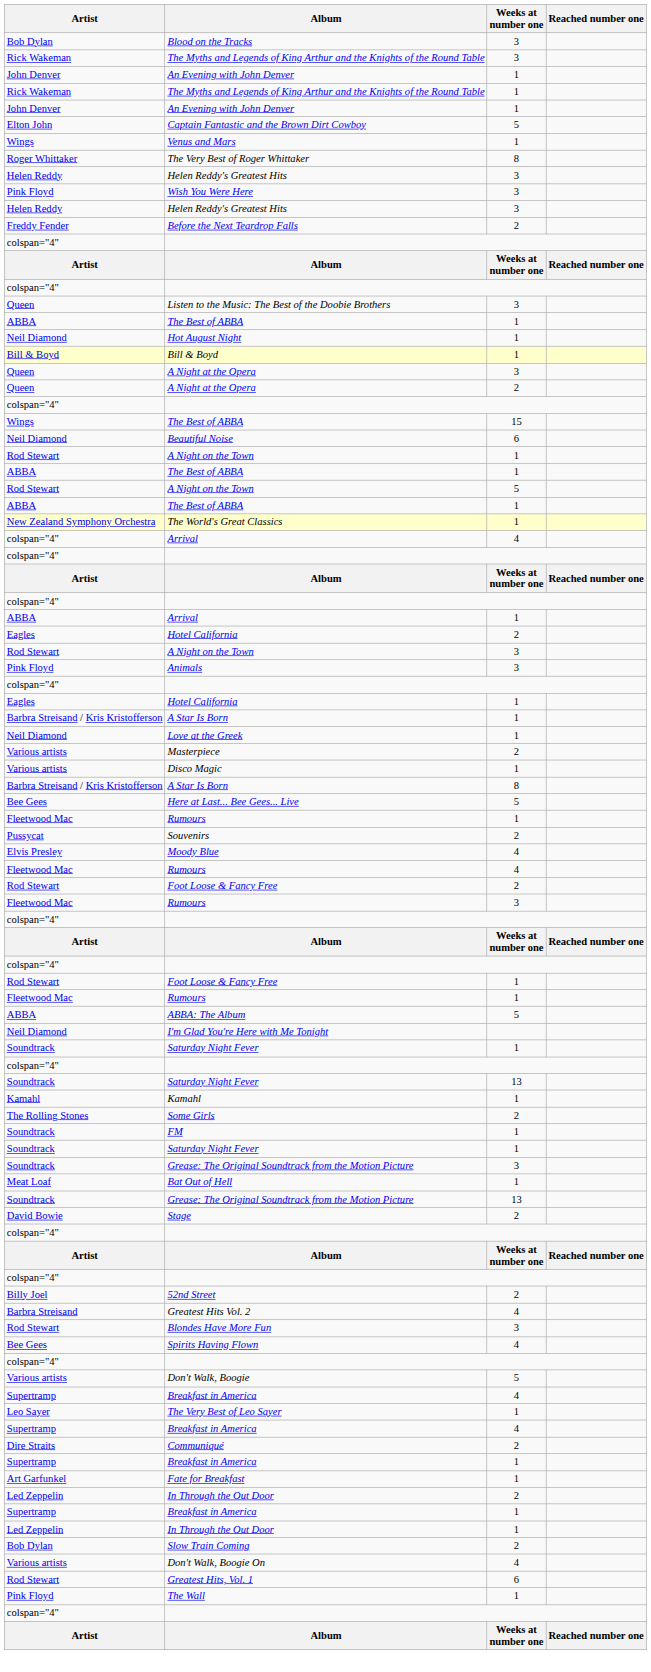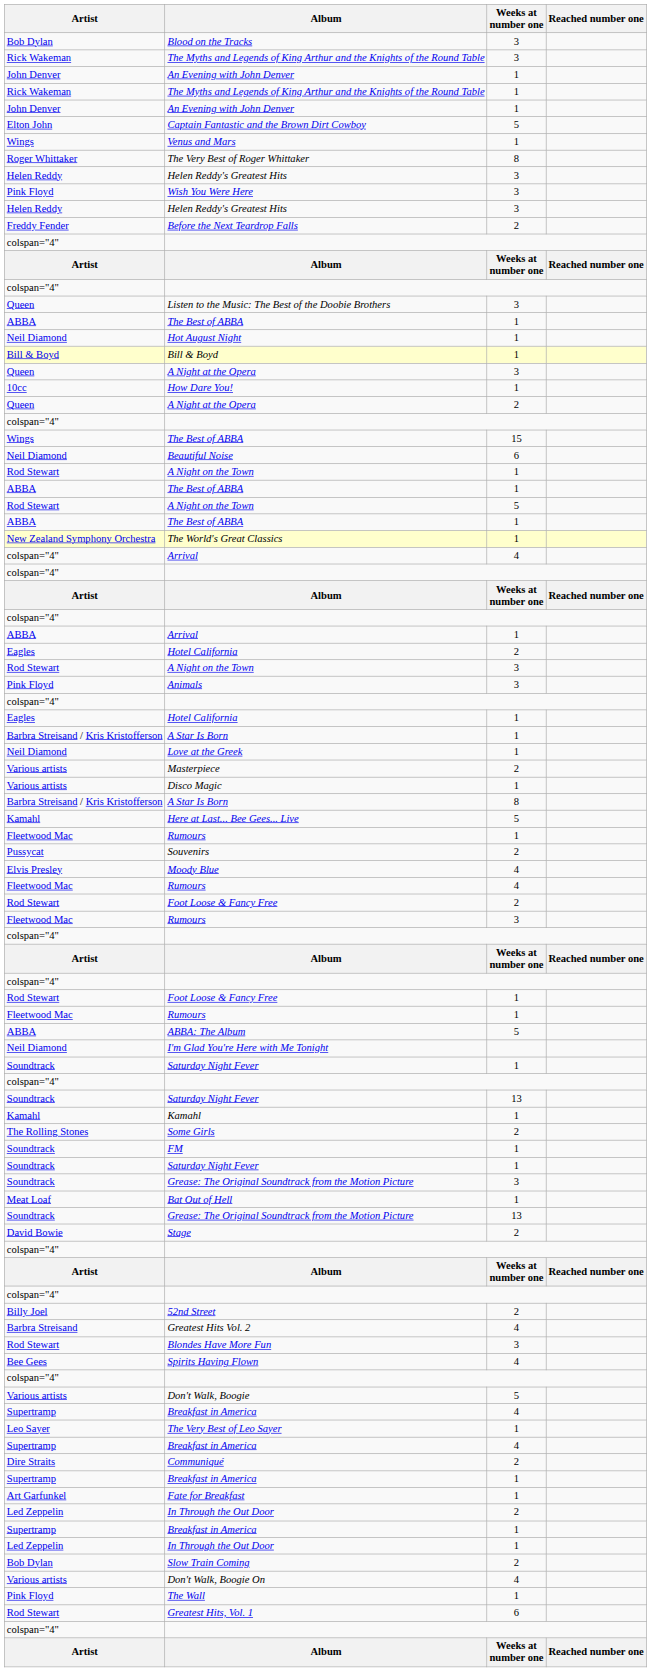 <table class="wikitable plainrowheaders sortable">
 <tr>
 <th scope=col>Artist</th>
 <th scope=col>Album</th>
 <th scope=col>Weeks at<br>number one</th>
 <th scope=col>Reached number one</th>
 </tr>
 <tr>
 <td><a href='#'>Bob Dylan</a></td>
 <td><em><a href='#'>Blood on the Tracks</a></em></td>
 <td align=center>3</td>
 <td></td>
 </tr>
 <tr>
 <td><a href='#'>Rick Wakeman</a></td>
 <td><em><a href='#'>The Myths and Legends of King Arthur and the Knights of the Round Table</a></em></td>
 <td align=center>3</td>
 <td></td>
 </tr>
 <tr>
 <td><a href='#'>John Denver</a></td>
 <td><em><a href='#'>An Evening with John Denver</a></em></td>
 <td align=center>1</td>
 <td></td>
 </tr>
 <tr>
 <td><a href='#'>Rick Wakeman</a></td>
 <td><em><a href='#'>The Myths and Legends of King Arthur and the Knights of the Round Table</a></em></td>
 <td align=center>1</td>
 <td></td>
 </tr>
 <tr>
 <td><a href='#'>John Denver</a></td>
 <td><em><a href='#'>An Evening with John Denver</a></em></td>
 <td align=center>1</td>
 <td></td>
 </tr>
 <tr>
 <td><a href='#'>Elton John</a></td>
 <td><em><a href='#'>Captain Fantastic and the Brown Dirt Cowboy</a></em></td>
 <td align=center>5</td>
 <td></td>
 </tr>
 <tr>
 <td><a href='#'>Wings</a></td>
 <td><em><a href='#'>Venus and Mars</a></em></td>
 <td align=center>1</td>
 <td></td>
 </tr>
 <tr>
 <td><a href='#'>Roger Whittaker</a></td>
 <td><em>The Very Best of Roger Whittaker</em></td>
 <td align=center>8</td>
 <td></td>
 </tr>
 <tr>
 <td><a href='#'>Helen Reddy</a></td>
 <td><em>Helen Reddy's Greatest Hits</em></td>
 <td align=center>3</td>
 <td></td>
 </tr>
 <tr>
 <td><a href='#'>Pink Floyd</a></td>
 <td><em><a href='#'>Wish You Were Here</a></em></td>
 <td align=center>3</td>
 <td></td>
 </tr>
 <tr>
 <td><a href='#'>Helen Reddy</a></td>
 <td><em>Helen Reddy's Greatest Hits</em></td>
 <td align=center>3</td>
 <td></td>
 </tr>
 <tr>
 <td><a href='#'>Freddy Fender</a></td>
 <td><em><a href='#'>Before the Next Teardrop Falls</a></em></td>
 <td align=center>2</td>
 <td></td>
 </tr>
 <tr>
 <td>colspan="4" </td>
 </tr>
 <tr>
 <th scope=col>Artist</th>
 <th scope=col>Album</th>
 <th scope=col>Weeks at<br>number one</th>
 <th scope=col>Reached number one</th>
 </tr>
 <tr>
 <td>colspan="4" </td>
 </tr>
 <tr>
 <td><a href='#'>Queen</a></td>
 <td><em>Listen to the Music: The Best of the Doobie Brothers</em></td>
 <td align=center>3</td>
 <td></td>
 </tr>
 <tr>
 <td><a href='#'>ABBA</a></td>
 <td><em><a href='#'>The Best of ABBA</a></em></td>
 <td align=center>1</td>
 <td></td>
 </tr>
 <tr>
 <td><a href='#'>Neil Diamond</a></td>
 <td><em><a href='#'>Hot August Night</a></em></td>
 <td align=center>1</td>
 <td></td>
 </tr>
 <tr bgcolor="#FFFFCC">
 <td><a href='#'>Bill & Boyd</a></td>
 <td><em>Bill & Boyd</em></td>
 <td align=center>1</td>
 <td></td>
 </tr>
 <tr>
 <td><a href='#'>Queen</a></td>
 <td><em><a href='#'>A Night at the Opera</a></em></td>
 <td align=center>3</td>
+<td></td>
+</tr>
+<tr>
+<td><a href='#'>10cc</a></td>
+<td><em><a href='#'>How Dare You!</a></em></td>
+<td align=center>1</td>
 <td></td>
 </tr>
 <tr>
 <td><a href='#'>Queen</a></td>
 <td><em><a href='#'>A Night at the Opera</a></em></td>
 <td align=center>2</td>
 <td></td>
 </tr>
 <tr>
 <td>colspan="4" </td>
 </tr>
 <tr>
 <td><a href='#'>Wings</a></td>
 <td><em><a href='#'>The Best of ABBA</a></em></td>
 <td align=center>15</td>
 <td></td>
 </tr>
 <tr>
 <td><a href='#'>Neil Diamond</a></td>
 <td><em><a href='#'>Beautiful Noise</a></em></td>
 <td align=center>6</td>
 <td></td>
 </tr>
 <tr>
 <td><a href='#'>Rod Stewart</a></td>
 <td><em><a href='#'>A Night on the Town</a></em></td>
 <td align=center>1</td>
 <td></td>
 </tr>
 <tr>
 <td><a href='#'>ABBA</a></td>
 <td><em><a href='#'>The Best of ABBA</a></em></td>
 <td align=center>1</td>
 <td></td>
 </tr>
 <tr>
 <td><a href='#'>Rod Stewart</a></td>
 <td><em><a href='#'>A Night on the Town</a></em></td>
 <td align=center>5</td>
 <td></td>
 </tr>
 <tr>
 <td><a href='#'>ABBA</a></td>
 <td><em><a href='#'>The Best of ABBA</a></em></td>
 <td align=center>1</td>
 <td></td>
 </tr>
 <tr bgcolor="#FFFFCC">
 <td><a href='#'>New Zealand Symphony Orchestra</a></td>
 <td><em>The World's Great Classics</em></td>
 <td align=center>1</td>
 <td></td>
 </tr>
 <tr>
 <td>colspan="4" </td>
 <td><em><a href='#'>Arrival</a></em></td>
 <td align=center>4</td>
 <td></td>
 </tr>
 <tr>
 <td>colspan="4" </td>
 </tr>
 <tr>
 <th scope=col>Artist</th>
 <th scope=col>Album</th>
 <th scope=col>Weeks at<br>number one</th>
 <th scope=col>Reached number one</th>
 </tr>
 <tr>
 <td>colspan="4" </td>
 </tr>
 <tr>
 <td><a href='#'>ABBA</a></td>
 <td><em><a href='#'>Arrival</a></em></td>
 <td align=center>1</td>
 <td></td>
 </tr>
 <tr>
 <td><a href='#'>Eagles</a></td>
 <td><em><a href='#'>Hotel California</a></em></td>
 <td align=center>2</td>
 <td></td>
 </tr>
 <tr>
 <td><a href='#'>Rod Stewart</a></td>
 <td><em><a href='#'>A Night on the Town</a></em></td>
 <td align=center>3</td>
 <td></td>
 </tr>
 <tr>
 <td><a href='#'>Pink Floyd</a></td>
 <td><em><a href='#'>Animals</a></em></td>
 <td align=center>3</td>
 <td></td>
 </tr>
 <tr>
 <td>colspan="4" </td>
 </tr>
 <tr>
 <td><a href='#'>Eagles</a></td>
 <td><em><a href='#'>Hotel California</a></em></td>
 <td align=center>1</td>
 <td></td>
 </tr>
 <tr>
 <td><a href='#'>Barbra Streisand</a> / <a href='#'>Kris Kristofferson</a></td>
 <td><em><a href='#'>A Star Is Born</a></em></td>
 <td align=center>1</td>
 <td></td>
 </tr>
 <tr>
 <td><a href='#'>Neil Diamond</a></td>
 <td><em><a href='#'>Love at the Greek</a></em></td>
 <td align=center>1</td>
 <td></td>
 </tr>
 <tr>
 <td><a href='#'>Various artists</a></td>
 <td><em>Masterpiece</em></td>
 <td align=center>2</td>
 <td></td>
 </tr>
 <tr>
 <td><a href='#'>Various artists</a></td>
 <td><em>Disco Magic</em></td>
 <td align=center>1</td>
 <td></td>
 </tr>
 <tr>
 <td><a href='#'>Barbra Streisand</a> / <a href='#'>Kris Kristofferson</a></td>
 <td><em><a href='#'>A Star Is Born</a></em></td>
 <td align=center>8</td>
 <td></td>
 </tr>
 <tr>
-<td><a href='#'>Bee Gees</a></td>
+<td><a href='#'>Kamahl</a></td>
 <td><em><a href='#'>Here at Last... Bee Gees... Live</a></em></td>
 <td align=center>5</td>
 <td></td>
 </tr>
 <tr>
 <td><a href='#'>Fleetwood Mac</a></td>
 <td><em><a href='#'>Rumours</a></em></td>
 <td align=center>1</td>
 <td></td>
 </tr>
 <tr>
 <td><a href='#'>Pussycat</a></td>
 <td><em>Souvenirs</em></td>
 <td align=center>2</td>
 <td></td>
 </tr>
 <tr>
 <td><a href='#'>Elvis Presley</a></td>
 <td><em><a href='#'>Moody Blue</a></em></td>
 <td align=center>4</td>
 <td></td>
 </tr>
 <tr>
 <td><a href='#'>Fleetwood Mac</a></td>
 <td><em><a href='#'>Rumours</a></em></td>
 <td align=center>4</td>
 <td></td>
 </tr>
 <tr>
 <td><a href='#'>Rod Stewart</a></td>
 <td><em><a href='#'>Foot Loose & Fancy Free</a></em></td>
 <td align=center>2</td>
 <td></td>
 </tr>
 <tr>
 <td><a href='#'>Fleetwood Mac</a></td>
 <td><em><a href='#'>Rumours</a></em></td>
 <td align=center>3</td>
 <td></td>
 </tr>
 <tr>
 <td>colspan="4" </td>
 </tr>
 <tr>
 <th scope=col>Artist</th>
 <th scope=col>Album</th>
 <th scope=col>Weeks at<br>number one</th>
 <th scope=col>Reached number one</th>
 </tr>
 <tr>
 <td>colspan="4" </td>
 </tr>
 <tr>
 <td><a href='#'>Rod Stewart</a></td>
 <td><em><a href='#'>Foot Loose & Fancy Free</a></em></td>
 <td align=center>1</td>
 <td></td>
 </tr>
 <tr>
 <td><a href='#'>Fleetwood Mac</a></td>
 <td><em><a href='#'>Rumours</a></em></td>
 <td align=center>1</td>
 <td></td>
 </tr>
 <tr>
 <td><a href='#'>ABBA</a></td>
 <td><em><a href='#'>ABBA: The Album</a></em></td>
 <td align=center>5</td>
 <td></td>
 </tr>
 <tr>
 <td><a href='#'>Neil Diamond</a></td>
 <td><em><a href='#'>I'm Glad You're Here with Me Tonight</a></em></td>
 <td align=center></td>
 <td></td>
 </tr>
 <tr>
 <td><a href='#'>Soundtrack</a></td>
 <td><em><a href='#'>Saturday Night Fever</a></em></td>
 <td align=center>1</td>
 <td></td>
 </tr>
 <tr>
 <td>colspan="4" </td>
 </tr>
 <tr>
 <td><a href='#'>Soundtrack</a></td>
 <td><em><a href='#'>Saturday Night Fever</a></em></td>
 <td align=center>13</td>
 <td></td>
 </tr>
 <tr>
 <td><a href='#'>Kamahl</a></td>
 <td><em>Kamahl</em></td>
 <td align=center>1</td>
 <td></td>
 </tr>
 <tr>
 <td><a href='#'>The Rolling Stones</a></td>
 <td><em><a href='#'>Some Girls</a></em></td>
 <td align=center>2</td>
 <td></td>
 </tr>
 <tr>
 <td><a href='#'>Soundtrack</a></td>
 <td><em><a href='#'>FM</a></em></td>
 <td align=center>1</td>
 <td></td>
 </tr>
 <tr>
 <td><a href='#'>Soundtrack</a></td>
 <td><em><a href='#'>Saturday Night Fever</a></em></td>
 <td align=center>1</td>
 <td></td>
 </tr>
 <tr>
 <td><a href='#'>Soundtrack</a></td>
 <td><em><a href='#'>Grease: The Original Soundtrack from the Motion Picture</a></em></td>
 <td align=center>3</td>
 <td></td>
 </tr>
 <tr>
 <td><a href='#'>Meat Loaf</a></td>
 <td><em><a href='#'>Bat Out of Hell</a></em></td>
 <td align=center>1</td>
 <td></td>
 </tr>
 <tr>
 <td><a href='#'>Soundtrack</a></td>
 <td><em><a href='#'>Grease: The Original Soundtrack from the Motion Picture</a></em></td>
 <td align=center>13</td>
 <td></td>
 </tr>
 <tr>
 <td><a href='#'>David Bowie</a></td>
 <td><em><a href='#'>Stage</a></em></td>
 <td align=center>2</td>
 <td></td>
 </tr>
 <tr>
 <td>colspan="4" </td>
 </tr>
 <tr>
 <th scope=col>Artist</th>
 <th scope=col>Album</th>
 <th scope=col>Weeks at<br>number one</th>
 <th scope=col>Reached number one</th>
 </tr>
 <tr>
 <td>colspan="4" </td>
 </tr>
 <tr>
 <td><a href='#'>Billy Joel</a></td>
 <td><em><a href='#'>52nd Street</a></em></td>
 <td align=center>2</td>
 <td></td>
 </tr>
 <tr>
 <td><a href='#'>Barbra Streisand</a></td>
 <td><em>Greatest Hits Vol. 2</em></td>
 <td align=center>4</td>
 <td></td>
 </tr>
 <tr>
 <td><a href='#'>Rod Stewart</a></td>
 <td><em><a href='#'>Blondes Have More Fun</a></em></td>
 <td align=center>3</td>
 <td></td>
 </tr>
 <tr>
 <td><a href='#'>Bee Gees</a></td>
 <td><em><a href='#'>Spirits Having Flown</a></em></td>
 <td align=center>4</td>
 <td></td>
 </tr>
 <tr>
 <td>colspan="4" </td>
 </tr>
 <tr>
 <td><a href='#'>Various artists</a></td>
 <td><em>Don't Walk, Boogie</em></td>
 <td align=center>5</td>
 <td></td>
 </tr>
 <tr>
 <td><a href='#'>Supertramp</a></td>
 <td><em><a href='#'>Breakfast in America</a></em></td>
 <td align=center>4</td>
 <td></td>
 </tr>
 <tr>
 <td><a href='#'>Leo Sayer</a></td>
 <td><em><a href='#'>The Very Best of Leo Sayer</a></em></td>
 <td align=center>1</td>
 <td></td>
 </tr>
 <tr>
 <td><a href='#'>Supertramp</a></td>
 <td><em><a href='#'>Breakfast in America</a></em></td>
 <td align=center>4</td>
 <td></td>
 </tr>
 <tr>
 <td><a href='#'>Dire Straits</a></td>
 <td><em><a href='#'>Communiqué</a></em></td>
 <td align=center>2</td>
 <td></td>
 </tr>
 <tr>
 <td><a href='#'>Supertramp</a></td>
 <td><em><a href='#'>Breakfast in America</a></em></td>
 <td align=center>1</td>
 <td></td>
 </tr>
 <tr>
 <td><a href='#'>Art Garfunkel</a></td>
 <td><em><a href='#'>Fate for Breakfast</a></em></td>
 <td align=center>1</td>
 <td></td>
 </tr>
 <tr>
 <td><a href='#'>Led Zeppelin</a></td>
 <td><em><a href='#'>In Through the Out Door</a></em></td>
 <td align=center>2</td>
 <td></td>
 </tr>
 <tr>
 <td><a href='#'>Supertramp</a></td>
 <td><em><a href='#'>Breakfast in America</a></em></td>
 <td align=center>1</td>
 <td></td>
 </tr>
 <tr>
 <td><a href='#'>Led Zeppelin</a></td>
 <td><em><a href='#'>In Through the Out Door</a></em></td>
 <td align=center>1</td>
 <td></td>
 </tr>
 <tr>
 <td><a href='#'>Bob Dylan</a></td>
 <td><em><a href='#'>Slow Train Coming</a></em></td>
 <td align=center>2</td>
 <td></td>
 </tr>
 <tr>
 <td><a href='#'>Various artists</a></td>
 <td><em>Don't Walk, Boogie On</em></td>
 <td align=center>4</td>
 <td></td>
 </tr>
 <tr>
+<td><a href='#'>Pink Floyd</a></td>
+<td><em><a href='#'>The Wall</a></em></td>
+<td align=center>1</td>
+<td></td>
+</tr>
+<tr>
 <td><a href='#'>Rod Stewart</a></td>
 <td><em><a href='#'>Greatest Hits, Vol. 1</a></em></td>
 <td align=center>6</td>
-<td></td>
-</tr>
-<tr>
-<td><a href='#'>Pink Floyd</a></td>
-<td><em><a href='#'>The Wall</a></em></td>
-<td align=center>1</td>
 <td></td>
 </tr>
 <tr>
 <td>colspan="4" </td>
 </tr>
 <tr>
 <th scope=col>Artist</th>
 <th scope=col>Album</th>
 <th scope=col>Weeks at<br>number one</th>
 <th scope=col>Reached number one</th>
 </tr>
 </table>
